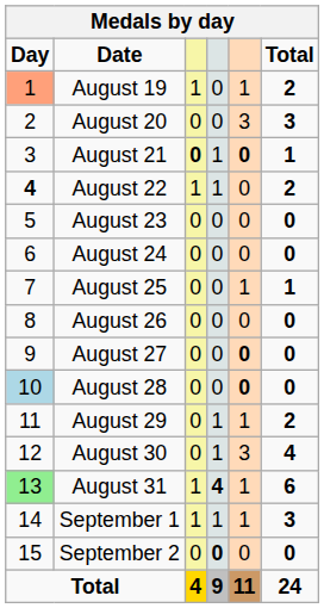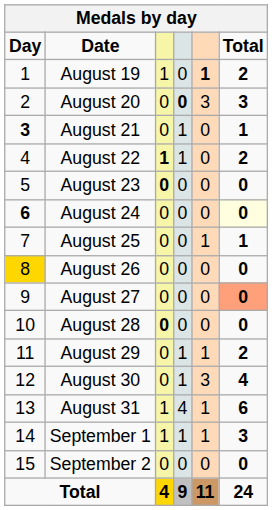 <table class=wikitable style="font-size:85%; float:right;text-align:center">
 <tr>
 <th colspan=7>Medals by day</th>
 </tr>
 <tr>
 <td><strong>Day</strong></td>
 <td><strong>Date</strong></td>
 <td bgcolor=F7F6A8></td>
 <td bgcolor=DCE5E5></td>
 <td bgcolor=FFDAB9></td>
 <td><strong>Total</strong></td>
 </tr>
 <tr>
-<td style="background: lightsalmon;">1</td>
+<td>1</td>
 <td>August 19</td>
 <td bgcolor=F7F6A8>1</td>
 <td bgcolor=DCE5E5>0</td>
-<td bgcolor=FFDAB9>1</td>
+<td bgcolor=FFDAB9><strong>1</strong></td>
 <td><strong>2</strong></td>
 </tr>
 <tr>
 <td>2</td>
 <td>August 20</td>
 <td bgcolor=F7F6A8>0</td>
-<td bgcolor=DCE5E5>0</td>
+<td bgcolor=DCE5E5><strong>0</strong></td>
 <td bgcolor=FFDAB9>3</td>
 <td><strong>3</strong></td>
 </tr>
 <tr>
-<td>3</td>
+<td><strong>3</strong></td>
 <td>August 21</td>
-<td bgcolor=F7F6A8><strong>0</strong></td>
+<td bgcolor=F7F6A8>0</td>
 <td bgcolor=DCE5E5>1</td>
-<td bgcolor=FFDAB9><strong>0</strong></td>
+<td bgcolor=FFDAB9>0</td>
 <td><strong>1</strong></td>
 </tr>
 <tr>
-<td><strong>4</strong></td>
+<td>4</td>
 <td>August 22</td>
-<td bgcolor=F7F6A8>1</td>
+<td bgcolor=F7F6A8><strong>1</strong></td>
 <td bgcolor=DCE5E5>1</td>
 <td bgcolor=FFDAB9>0</td>
 <td><strong>2</strong></td>
 </tr>
 <tr>
 <td>5</td>
 <td>August 23</td>
-<td bgcolor=F7F6A8>0</td>
+<td bgcolor=F7F6A8><strong>0</strong></td>
 <td bgcolor=DCE5E5>0</td>
 <td bgcolor=FFDAB9>0</td>
 <td><strong>0</strong></td>
 </tr>
 <tr>
-<td>6</td>
+<td><strong>6</strong></td>
 <td>August 24</td>
 <td bgcolor=F7F6A8>0</td>
 <td bgcolor=DCE5E5>0</td>
 <td bgcolor=FFDAB9>0</td>
-<td><strong>0</strong></td>
+<td style="background: lightyellow;"><strong>0</strong></td>
 </tr>
 <tr>
 <td>7</td>
 <td>August 25</td>
 <td bgcolor=F7F6A8>0</td>
 <td bgcolor=DCE5E5>0</td>
 <td bgcolor=FFDAB9>1</td>
 <td><strong>1</strong></td>
 </tr>
 <tr>
-<td>8</td>
+<td style="background: gold;">8</td>
 <td>August 26</td>
 <td bgcolor=F7F6A8>0</td>
 <td bgcolor=DCE5E5>0</td>
 <td bgcolor=FFDAB9>0</td>
 <td><strong>0</strong></td>
 </tr>
 <tr>
 <td>9</td>
 <td>August 27</td>
 <td bgcolor=F7F6A8>0</td>
 <td bgcolor=DCE5E5>0</td>
-<td bgcolor=FFDAB9><strong>0</strong></td>
-<td><strong>0</strong></td>
+<td bgcolor=FFDAB9>0</td>
+<td style="background: lightsalmon;"><strong>0</strong></td>
 </tr>
 <tr>
-<td style="background: lightblue;">10</td>
+<td>10</td>
 <td>August 28</td>
-<td bgcolor=F7F6A8>0</td>
+<td bgcolor=F7F6A8><strong>0</strong></td>
 <td bgcolor=DCE5E5>0</td>
-<td bgcolor=FFDAB9><strong>0</strong></td>
+<td bgcolor=FFDAB9>0</td>
 <td><strong>0</strong></td>
 </tr>
 <tr>
 <td>11</td>
 <td>August 29</td>
 <td bgcolor=F7F6A8>0</td>
 <td bgcolor=DCE5E5>1</td>
 <td bgcolor=FFDAB9>1</td>
 <td><strong>2</strong></td>
 </tr>
 <tr>
 <td>12</td>
 <td>August 30</td>
 <td bgcolor=F7F6A8>0</td>
 <td bgcolor=DCE5E5>1</td>
 <td bgcolor=FFDAB9>3</td>
 <td><strong>4</strong></td>
 </tr>
 <tr>
-<td style="background: lightgreen;">13</td>
+<td>13</td>
 <td>August 31</td>
 <td bgcolor=F7F6A8>1</td>
-<td bgcolor=DCE5E5><strong>4</strong></td>
+<td bgcolor=DCE5E5>4</td>
 <td bgcolor=FFDAB9>1</td>
 <td><strong>6</strong></td>
 </tr>
 <tr>
 <td>14</td>
 <td>September 1</td>
 <td bgcolor=F7F6A8>1</td>
 <td bgcolor=DCE5E5>1</td>
 <td bgcolor=FFDAB9>1</td>
 <td><strong>3</strong></td>
 </tr>
 <tr>
 <td>15</td>
 <td>September 2</td>
 <td bgcolor=F7F6A8>0</td>
-<td bgcolor=DCE5E5><strong>0</strong></td>
+<td bgcolor=DCE5E5>0</td>
 <td bgcolor=FFDAB9>0</td>
 <td><strong>0</strong></td>
 </tr>
 <tr>
 <td colspan=2><strong>Total</strong></td>
 <td style="background:gold;"><strong>4</strong></td>
 <td style="background:silver;"><strong>9</strong></td>
 <td style="background:#c96;"><strong>11</strong></td>
 <td><strong>24</strong></td>
 </tr>
 </table>
